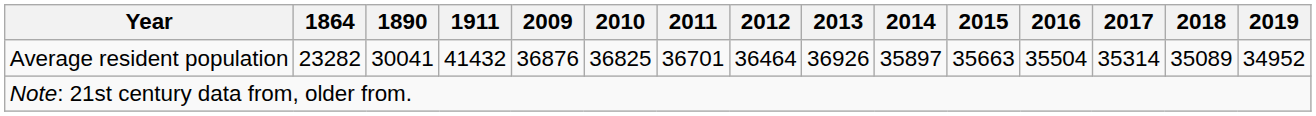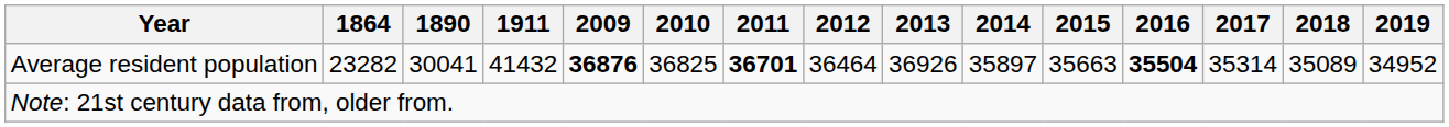 <table class="wikitable">
 <tr>
 <th>Year</th>
 <th>1864</th>
 <th>1890</th>
 <th>1911</th>
 <th>2009</th>
 <th>2010</th>
 <th>2011</th>
 <th>2012</th>
 <th>2013</th>
 <th>2014</th>
 <th>2015</th>
 <th>2016</th>
 <th>2017</th>
 <th>2018</th>
 <th>2019</th>
 </tr>
 <tr>
 <td>Average resident population</td>
 <td>23282</td>
 <td>30041</td>
 <td>41432</td>
-<td>36876</td>
+<td><strong>36876</strong></td>
 <td>36825</td>
-<td>36701</td>
+<td><strong>36701</strong></td>
 <td>36464</td>
 <td>36926</td>
 <td>35897</td>
 <td>35663</td>
-<td>35504</td>
+<td><strong>35504</strong></td>
 <td>35314</td>
 <td>35089</td>
 <td>34952</td>
 </tr>
 <tr>
 <td colspan="15"><em>Note</em>: 21st century data from, older from.</td>
 </tr>
 </table>
